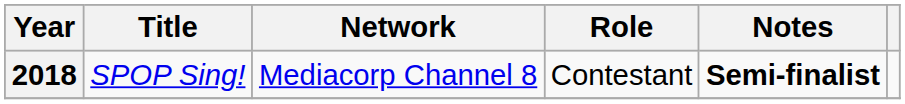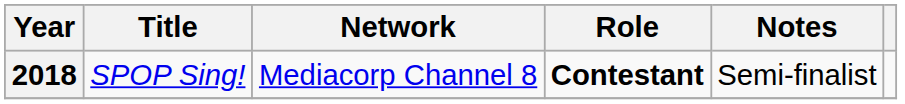 <table class="wikitable plainrowheaders sortable">
 <tr>
 <th scope="col">Year</th>
 <th scope="col">Title</th>
 <th scope="col">Network</th>
 <th scope="col">Role</th>
 <th scope="col">Notes</th>
 <th scope="col" class="unsortable"></th>
 </tr>
 <tr>
 <th scope="row">2018</th>
 <td><em><a href='#'>SPOP Sing!</a></em></td>
 <td><a href='#'>Mediacorp Channel 8</a></td>
-<td rowspan="1">Contestant</td>
-<td><strong>Semi-finalist</strong></td>
+<td rowspan="1"><strong>Contestant</strong></td>
+<td>Semi-finalist</td>
 <td style="text-align:center"></td>
 </tr>
 <tr>
 </tr>
 </table>
